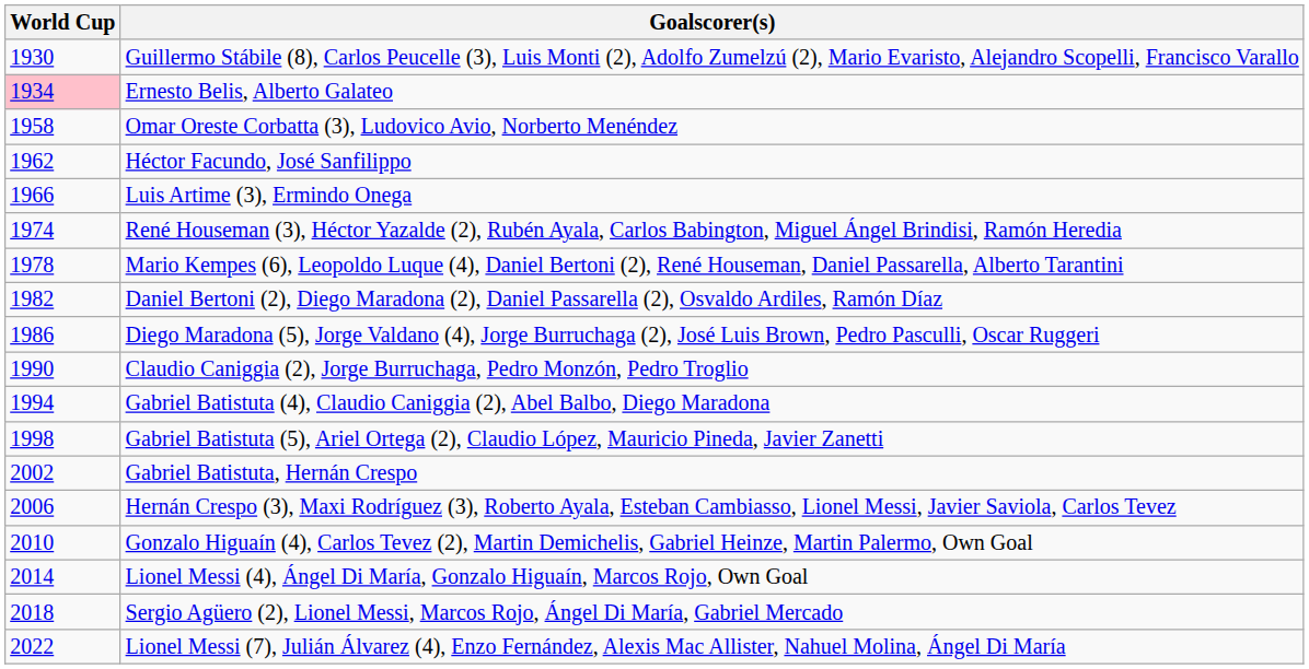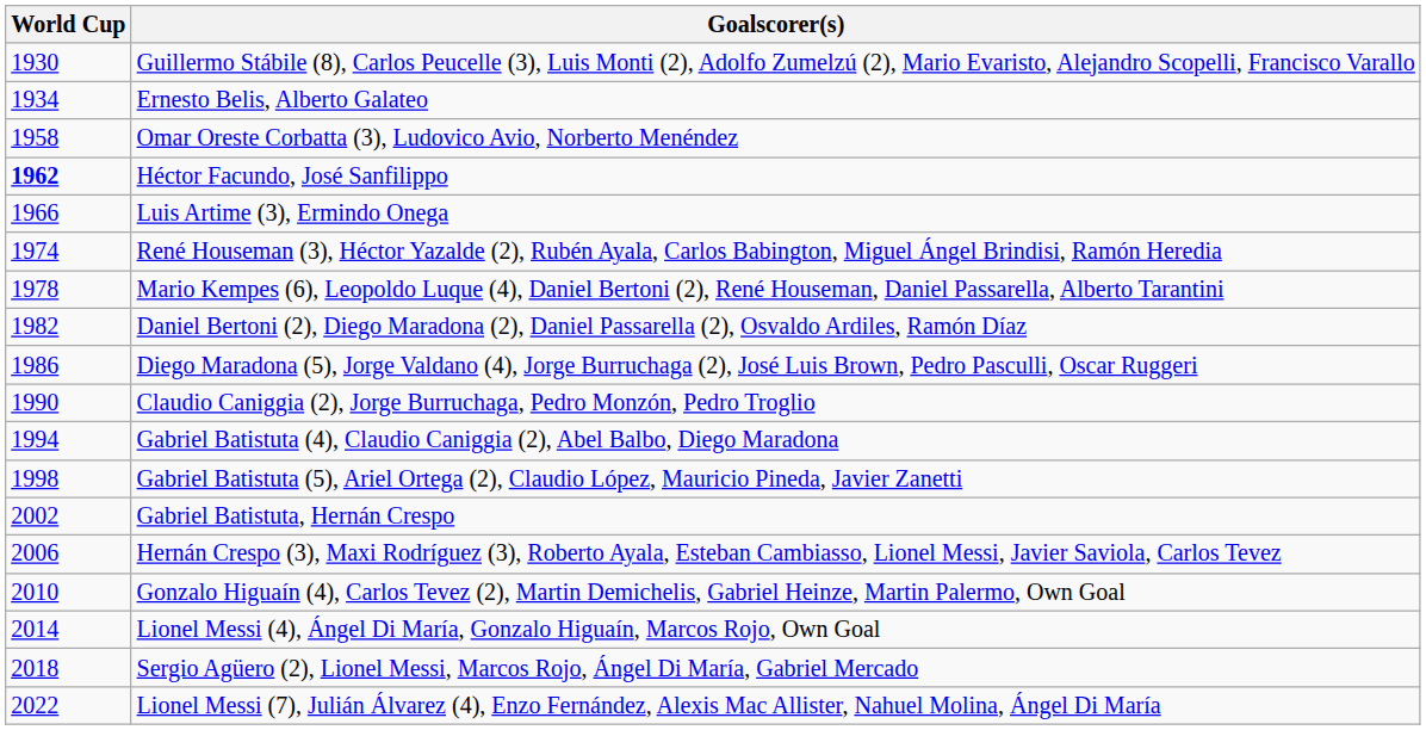 <table class="wikitable">
 <tr>
 <th>World Cup</th>
 <th>Goalscorer(s)</th>
 </tr>
 <tr>
 <td><a href='#'>1930</a></td>
 <td align=left><a href='#'>Guillermo Stábile</a> (8), <a href='#'>Carlos Peucelle</a> (3), <a href='#'>Luis Monti</a> (2), <a href='#'>Adolfo Zumelzú</a> (2), <a href='#'>Mario Evaristo</a>, <a href='#'>Alejandro Scopelli</a>, <a href='#'>Francisco Varallo</a></td>
 </tr>
 <tr>
-<td style="background: pink;"><a href='#'>1934</a></td>
+<td><a href='#'>1934</a></td>
 <td align=left><a href='#'>Ernesto Belis</a>, <a href='#'>Alberto Galateo</a></td>
 </tr>
 <tr>
 <td><a href='#'>1958</a></td>
 <td align=left><a href='#'>Omar Oreste Corbatta</a> (3), <a href='#'>Ludovico Avio</a>, <a href='#'>Norberto Menéndez</a></td>
 </tr>
 <tr>
-<td><a href='#'>1962</a></td>
+<td><strong><a href='#'>1962</a></strong></td>
 <td align=left><a href='#'>Héctor Facundo</a>, <a href='#'>José Sanfilippo</a></td>
 </tr>
 <tr>
 <td><a href='#'>1966</a></td>
 <td align=left><a href='#'>Luis Artime</a> (3), <a href='#'>Ermindo Onega</a></td>
 </tr>
 <tr>
 <td><a href='#'>1974</a></td>
 <td align=left><a href='#'>René Houseman</a> (3), <a href='#'>Héctor Yazalde</a> (2), <a href='#'>Rubén Ayala</a>, <a href='#'>Carlos Babington</a>, <a href='#'>Miguel Ángel Brindisi</a>, <a href='#'>Ramón Heredia</a></td>
 </tr>
 <tr>
 <td><a href='#'>1978</a></td>
 <td align=left><a href='#'>Mario Kempes</a> (6), <a href='#'>Leopoldo Luque</a> (4), <a href='#'>Daniel Bertoni</a> (2), <a href='#'>René Houseman</a>, <a href='#'>Daniel Passarella</a>, <a href='#'>Alberto Tarantini</a></td>
 </tr>
 <tr>
 <td><a href='#'>1982</a></td>
 <td align=left><a href='#'>Daniel Bertoni</a> (2), <a href='#'>Diego Maradona</a> (2), <a href='#'>Daniel Passarella</a> (2), <a href='#'>Osvaldo Ardiles</a>, <a href='#'>Ramón Díaz</a></td>
 </tr>
 <tr>
 <td><a href='#'>1986</a></td>
 <td align=left><a href='#'>Diego Maradona</a> (5), <a href='#'>Jorge Valdano</a> (4), <a href='#'>Jorge Burruchaga</a> (2), <a href='#'>José Luis Brown</a>, <a href='#'>Pedro Pasculli</a>, <a href='#'>Oscar Ruggeri</a></td>
 </tr>
 <tr>
 <td><a href='#'>1990</a></td>
 <td align=left><a href='#'>Claudio Caniggia</a> (2), <a href='#'>Jorge Burruchaga</a>, <a href='#'>Pedro Monzón</a>, <a href='#'>Pedro Troglio</a></td>
 </tr>
 <tr>
 <td><a href='#'>1994</a></td>
 <td align=left><a href='#'>Gabriel Batistuta</a> (4), <a href='#'>Claudio Caniggia</a> (2), <a href='#'>Abel Balbo</a>, <a href='#'>Diego Maradona</a></td>
 </tr>
 <tr>
 <td><a href='#'>1998</a></td>
 <td align=left><a href='#'>Gabriel Batistuta</a> (5), <a href='#'>Ariel Ortega</a> (2), <a href='#'>Claudio López</a>, <a href='#'>Mauricio Pineda</a>, <a href='#'>Javier Zanetti</a></td>
 </tr>
 <tr>
 <td><a href='#'>2002</a></td>
 <td align=left><a href='#'>Gabriel Batistuta</a>, <a href='#'>Hernán Crespo</a></td>
 </tr>
 <tr>
 <td><a href='#'>2006</a></td>
 <td align=left><a href='#'>Hernán Crespo</a> (3), <a href='#'>Maxi Rodríguez</a> (3), <a href='#'>Roberto Ayala</a>, <a href='#'>Esteban Cambiasso</a>, <a href='#'>Lionel Messi</a>, <a href='#'>Javier Saviola</a>, <a href='#'>Carlos Tevez</a></td>
 </tr>
 <tr>
 <td><a href='#'>2010</a></td>
 <td align=left><a href='#'>Gonzalo Higuaín</a> (4), <a href='#'>Carlos Tevez</a> (2), <a href='#'>Martin Demichelis</a>, <a href='#'>Gabriel Heinze</a>, <a href='#'>Martin Palermo</a>, Own Goal</td>
 </tr>
 <tr>
 <td><a href='#'>2014</a></td>
 <td align=left><a href='#'>Lionel Messi</a> (4),  <a href='#'>Ángel Di María</a>, <a href='#'>Gonzalo Higuaín</a>, <a href='#'>Marcos Rojo</a>, Own Goal</td>
 </tr>
 <tr>
 <td><a href='#'>2018</a></td>
 <td align=left><a href='#'>Sergio Agüero</a> (2), <a href='#'>Lionel Messi</a>, <a href='#'>Marcos Rojo</a>, <a href='#'>Ángel Di María</a>, <a href='#'>Gabriel Mercado</a></td>
 </tr>
 <tr>
 <td><a href='#'>2022</a></td>
 <td align=left><a href='#'>Lionel Messi</a> (7), <a href='#'>Julián Álvarez</a> (4), <a href='#'>Enzo Fernández</a>, <a href='#'>Alexis Mac Allister</a>, <a href='#'>Nahuel Molina</a>, <a href='#'>Ángel Di María</a></td>
 </tr>
 </table>
